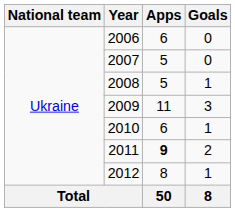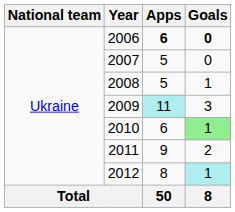 <table class=wikitable style="text-align: center;">
 <tr>
 <th>National team</th>
 <th>Year</th>
 <th>Apps</th>
 <th>Goals</th>
 </tr>
 <tr>
 <td rowspan=7><a href='#'>Ukraine</a></td>
 <td>2006</td>
-<td>6</td>
-<td>0</td>
+<td><strong>6</strong></td>
+<td><strong>0</strong></td>
 </tr>
 <tr>
 <td>2007</td>
 <td>5</td>
 <td>0</td>
 </tr>
 <tr>
 <td>2008</td>
 <td>5</td>
 <td>1</td>
 </tr>
 <tr>
 <td>2009</td>
-<td>11</td>
+<td style="background: paleturquoise;">11</td>
 <td>3</td>
 </tr>
 <tr>
 <td>2010</td>
 <td>6</td>
-<td>1</td>
+<td style="background: lightgreen;">1</td>
 </tr>
 <tr>
 <td>2011</td>
-<td><strong>9</strong></td>
+<td>9</td>
 <td>2</td>
 </tr>
 <tr>
 <td>2012</td>
 <td>8</td>
-<td>1</td>
+<td style="background: paleturquoise;">1</td>
 </tr>
 <tr>
 <th colspan=2>Total</th>
 <th>50</th>
 <th>8</th>
 </tr>
 </table>
